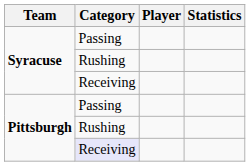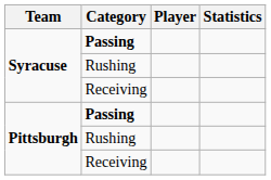 <table class="wikitable" style="float: right;">
 <tr>
 <th>Team</th>
 <th>Category</th>
 <th>Player</th>
 <th>Statistics</th>
 </tr>
 <tr>
 <td rowspan=3><strong>Syracuse</strong></td>
-<td>Passing</td>
+<td><strong>Passing</strong></td>
 <td></td>
 <td></td>
 </tr>
 <tr>
 <td>Rushing</td>
 <td></td>
 <td></td>
 </tr>
 <tr>
 <td>Receiving</td>
 <td></td>
 <td></td>
 </tr>
 <tr>
 <td rowspan=3><strong>Pittsburgh</strong></td>
-<td>Passing</td>
+<td><strong>Passing</strong></td>
 <td></td>
 <td></td>
 </tr>
 <tr>
 <td>Rushing</td>
 <td></td>
 <td></td>
 </tr>
 <tr>
-<td style="background: lavender;">Receiving</td>
+<td>Receiving</td>
 <td></td>
 <td></td>
 </tr>
 </table>
